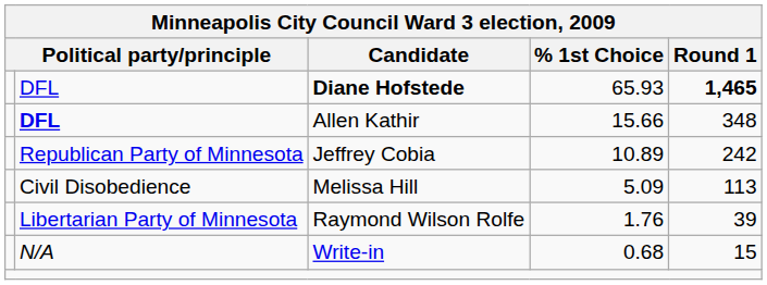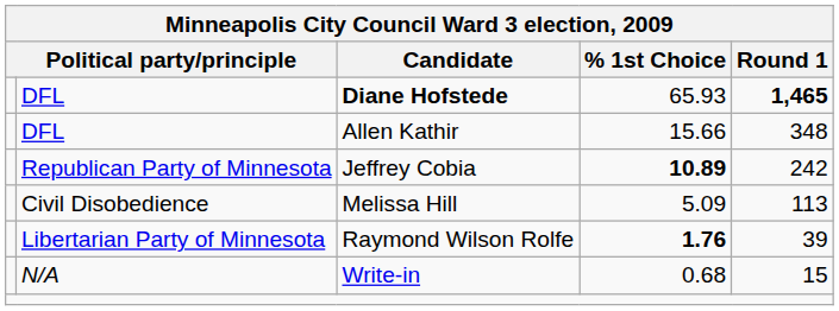 <table class="wikitable" style="font-size:95%">
 <tr>
 <th colspan="5">Minneapolis City Council Ward 3 election, 2009</th>
 </tr>
 <tr>
 <th colspan="2">Political party/principle</th>
 <th>Candidate</th>
 <th>% 1st Choice</th>
 <th>Round 1</th>
 </tr>
 <tr>
 <td style="background-color:"></td>
 <td><a href='#'>DFL</a></td>
 <td><strong>Diane Hofstede</strong></td>
 <td align="right">65.93</td>
 <td align="right"><strong>1,465</strong></td>
 </tr>
 <tr>
 <td style="background-color:"></td>
-<td><strong><a href='#'>DFL</a></strong></td>
+<td><a href='#'>DFL</a></td>
 <td>Allen Kathir</td>
 <td align="right">15.66</td>
 <td align="right">348</td>
 </tr>
 <tr>
 <td style="background-color:"></td>
 <td><a href='#'>Republican Party of Minnesota</a></td>
 <td>Jeffrey Cobia</td>
-<td align="right">10.89</td>
+<td align="right"><strong>10.89</strong></td>
 <td align="right">242</td>
 </tr>
 <tr>
 <td style="background-color:"></td>
 <td>Civil Disobedience</td>
 <td>Melissa Hill</td>
 <td align="right">5.09</td>
 <td align="right">113</td>
 </tr>
 <tr>
 <td style="background-color:"></td>
 <td><a href='#'>Libertarian Party of Minnesota</a></td>
 <td>Raymond Wilson Rolfe</td>
-<td align="right">1.76</td>
+<td align="right"><strong>1.76</strong></td>
 <td align="right">39</td>
 </tr>
 <tr>
 <td style="background-color:"></td>
 <td><em>N/A</em></td>
 <td><a href='#'>Write-in</a></td>
 <td align="right">0.68</td>
 <td align="right">15</td>
 </tr>
 <tr>
 <td colspan="5"></td>
 </tr>
 </table>
